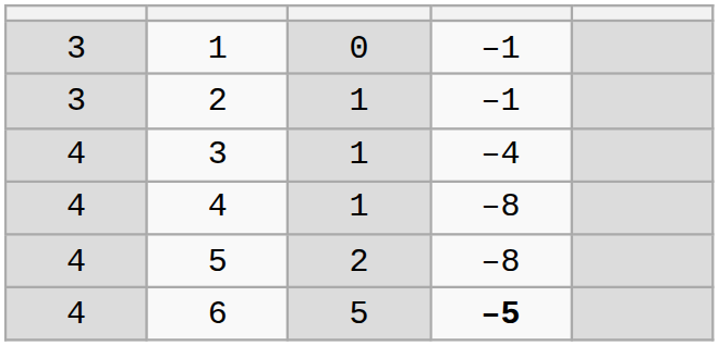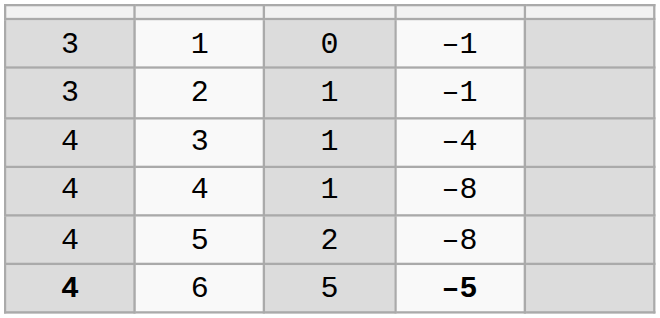 <table class="wikitable" Style="text-align: center">
 <tr>
 <th style="width:50px"></th>
 <th style="width:50px"></th>
 <th style="width:50px"></th>
 <th style="width:50px"></th>
 <th style="width:50px"></th>
 </tr>
 <tr>
 <td style="background:#dcdcdc">3</td>
 <td>1</td>
 <td style="background:#dcdcdc">0</td>
 <td>–1</td>
 <td style="background:#dcdcdc"></td>
 </tr>
 <tr>
 <td style="background:#dcdcdc">3</td>
 <td>2</td>
 <td style="background:#dcdcdc">1</td>
 <td>–1</td>
 <td style="background:#dcdcdc"></td>
 </tr>
 <tr>
 <td style="background:#dcdcdc">4</td>
 <td>3</td>
 <td style="background:#dcdcdc">1</td>
 <td>–4</td>
 <td style="background:#dcdcdc"></td>
 </tr>
 <tr>
 <td style="background:#dcdcdc">4</td>
 <td>4</td>
 <td style="background:#dcdcdc">1</td>
 <td>–8</td>
 <td style="background:#dcdcdc"></td>
 </tr>
 <tr>
 <td style="background:#dcdcdc">4</td>
 <td>5</td>
 <td style="background:#dcdcdc">2</td>
 <td>–8</td>
 <td style="background:#dcdcdc"></td>
 </tr>
 <tr>
-<td style="background:#dcdcdc">4</td>
+<td style="background:#dcdcdc"><strong>4</strong></td>
 <td>6</td>
 <td style="background:#dcdcdc">5</td>
 <td><strong>–5</strong></td>
 <td style="background:#dcdcdc"></td>
 </tr>
 </table>
